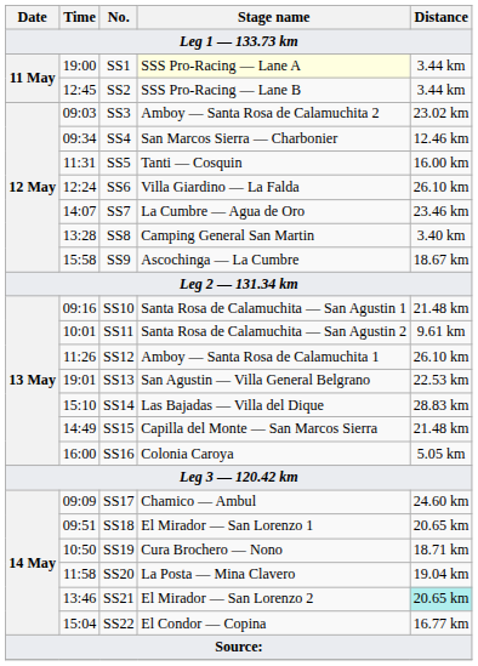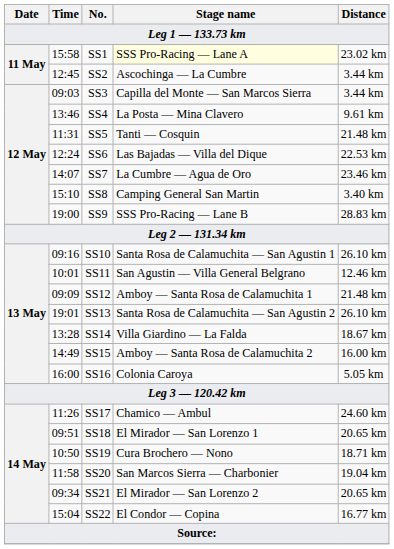 <table class="wikitable" style="font-size: 85%;">
 <tr>
 <th>Date</th>
 <th>Time</th>
 <th>No.</th>
 <th>Stage name</th>
 <th>Distance</th>
 </tr>
 <tr>
 <td style="background-color:#EAECF0; text-align:center" colspan="5"><strong><em>Leg 1 — 133.73 km</em></strong></td>
 </tr>
 <tr>
 <th rowspan="2">11 May</th>
-<td align="center">19:00</td>
+<td align="center">15:58</td>
 <td align="center">SS1</td>
 <td style="background: lightyellow;">SSS Pro-Racing — Lane A</td>
-<td align="center">3.44 km</td>
+<td align="center">23.02 km</td>
 </tr>
 <tr>
 <td align="center">12:45</td>
 <td align="center">SS2</td>
-<td>SSS Pro-Racing — Lane B</td>
+<td>Ascochinga — La Cumbre</td>
 <td align="center">3.44 km</td>
 </tr>
 <tr>
 <th rowspan="7">12 May</th>
 <td align="center">09:03</td>
 <td align="center">SS3</td>
-<td>Amboy — Santa Rosa de Calamuchita 2</td>
-<td align="center">23.02 km</td>
+<td>Capilla del Monte — San Marcos Sierra</td>
+<td align="center">3.44 km</td>
 </tr>
 <tr>
-<td align="center">09:34</td>
+<td align="center">13:46</td>
 <td align="center">SS4</td>
-<td>San Marcos Sierra — Charbonier</td>
-<td align="center">12.46 km</td>
+<td>La Posta — Mina Clavero</td>
+<td align="center">9.61 km</td>
 </tr>
 <tr>
 <td align="center">11:31</td>
 <td align="center">SS5</td>
 <td>Tanti — Cosquin</td>
-<td align="center">16.00 km</td>
+<td align="center">21.48 km</td>
 </tr>
 <tr>
 <td align="center">12:24</td>
 <td align="center">SS6</td>
-<td>Villa Giardino — La Falda</td>
-<td align="center">26.10 km</td>
+<td>Las Bajadas — Villa del Dique</td>
+<td align="center">22.53 km</td>
 </tr>
 <tr>
 <td align="center">14:07</td>
 <td align="center">SS7</td>
 <td>La Cumbre — Agua de Oro</td>
 <td align="center">23.46 km</td>
 </tr>
 <tr>
-<td align="center">13:28</td>
+<td align="center">15:10</td>
 <td align="center">SS8</td>
 <td>Camping General San Martin</td>
 <td align="center">3.40 km</td>
 </tr>
 <tr>
-<td align="center">15:58</td>
+<td align="center">19:00</td>
 <td align="center">SS9</td>
-<td>Ascochinga — La Cumbre</td>
-<td align="center">18.67 km</td>
+<td>SSS Pro-Racing — Lane B</td>
+<td align="center">28.83 km</td>
 </tr>
 <tr>
 <td style="background-color:#EAECF0; text-align:center" colspan="5"><strong><em>Leg 2 — 131.34 km</em></strong></td>
 </tr>
 <tr>
 <th rowspan="7">13 May</th>
 <td align="center">09:16</td>
 <td align="center">SS10</td>
 <td>Santa Rosa de Calamuchita — San Agustin 1</td>
-<td align="center">21.48 km</td>
+<td align="center">26.10 km</td>
 </tr>
 <tr>
 <td align="center">10:01</td>
 <td align="center">SS11</td>
-<td>Santa Rosa de Calamuchita — San Agustin 2</td>
-<td align="center">9.61 km</td>
+<td>San Agustin — Villa General Belgrano</td>
+<td align="center">12.46 km</td>
 </tr>
 <tr>
-<td align="center">11:26</td>
+<td align="center">09:09</td>
 <td align="center">SS12</td>
 <td>Amboy — Santa Rosa de Calamuchita 1</td>
-<td align="center">26.10 km</td>
+<td align="center">21.48 km</td>
 </tr>
 <tr>
 <td align="center">19:01</td>
 <td align="center">SS13</td>
-<td>San Agustin — Villa General Belgrano</td>
-<td align="center">22.53 km</td>
+<td>Santa Rosa de Calamuchita — San Agustin 2</td>
+<td align="center">26.10 km</td>
 </tr>
 <tr>
-<td align="center">15:10</td>
+<td align="center">13:28</td>
 <td align="center">SS14</td>
-<td>Las Bajadas — Villa del Dique</td>
-<td align="center">28.83 km</td>
+<td>Villa Giardino — La Falda</td>
+<td align="center">18.67 km</td>
 </tr>
 <tr>
 <td align="center">14:49</td>
 <td align="center">SS15</td>
-<td>Capilla del Monte — San Marcos Sierra</td>
-<td align="center">21.48 km</td>
+<td>Amboy — Santa Rosa de Calamuchita 2</td>
+<td align="center">16.00 km</td>
 </tr>
 <tr>
 <td align="center">16:00</td>
 <td align="center">SS16</td>
 <td>Colonia Caroya</td>
 <td align="center">5.05 km</td>
 </tr>
 <tr>
 <td style="background-color:#EAECF0; text-align:center" colspan="5"><strong><em>Leg 3 — 120.42 km</em></strong></td>
 </tr>
 <tr>
 <th rowspan="6">14 May</th>
-<td align="center">09:09</td>
+<td align="center">11:26</td>
 <td align="center">SS17</td>
 <td>Chamico — Ambul</td>
 <td align="center">24.60 km</td>
 </tr>
 <tr>
 <td align="center">09:51</td>
 <td align="center">SS18</td>
 <td>El Mirador — San Lorenzo 1</td>
 <td align="center">20.65 km</td>
 </tr>
 <tr>
 <td align="center">10:50</td>
 <td align="center">SS19</td>
 <td>Cura Brochero — Nono</td>
 <td align="center">18.71 km</td>
 </tr>
 <tr>
 <td align="center">11:58</td>
 <td align="center">SS20</td>
-<td>La Posta — Mina Clavero</td>
+<td>San Marcos Sierra — Charbonier</td>
 <td align="center">19.04 km</td>
 </tr>
 <tr>
-<td align="center">13:46</td>
+<td align="center">09:34</td>
 <td align="center">SS21</td>
 <td>El Mirador — San Lorenzo 2</td>
-<td align="center" style="background: paleturquoise;">20.65 km</td>
+<td align="center">20.65 km</td>
 </tr>
 <tr>
 <td align="center">15:04</td>
 <td align="center">SS22</td>
 <td>El Condor — Copina</td>
 <td align="center">16.77 km</td>
 </tr>
 <tr>
 <td style="background-color:#EAECF0; text-align:center" colspan="5"><strong>Source:</strong></td>
 </tr>
 <tr>
 </tr>
 </table>
